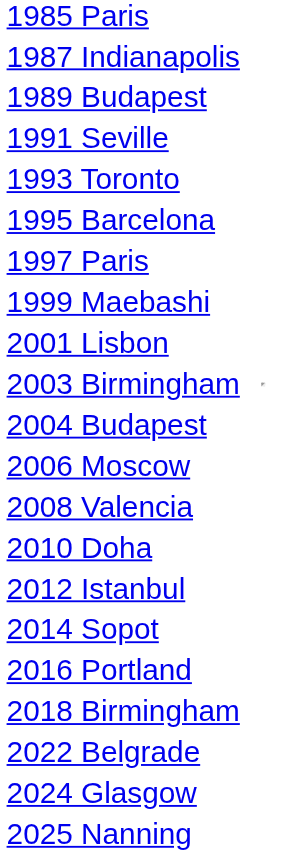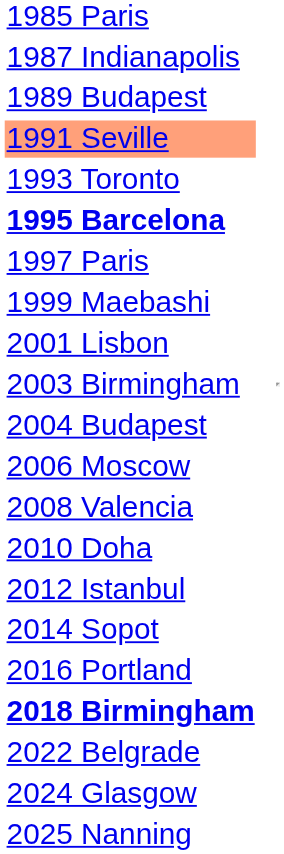 <table>
 <tr>
 <td><a href='#'>1985 Paris</a></td>
 <td></td>
 <td></td>
 <td></td>
 </tr>
 <tr>
 <td><a href='#'>1987 Indianapolis</a><br></td>
 <td></td>
 <td></td>
 <td></td>
 </tr>
 <tr>
 <td><a href='#'>1989 Budapest</a><br></td>
 <td></td>
 <td></td>
 <td></td>
 </tr>
 <tr>
-<td><a href='#'>1991 Seville</a><br></td>
+<td style="background: lightsalmon;"><a href='#'>1991 Seville</a><br></td>
 <td></td>
 <td></td>
 <td></td>
 </tr>
 <tr>
 <td><a href='#'>1993 Toronto</a><br></td>
 <td></td>
 <td></td>
 <td></td>
 </tr>
 <tr>
-<td><a href='#'>1995 Barcelona</a><br></td>
+<td><strong><a href='#'>1995 Barcelona</a><br></strong></td>
 <td></td>
 <td></td>
 <td></td>
 </tr>
 <tr>
 <td><a href='#'>1997 Paris</a><br></td>
 <td></td>
 <td></td>
 <td></td>
 </tr>
 <tr>
 <td><a href='#'>1999 Maebashi</a><br></td>
 <td></td>
 <td></td>
 <td></td>
 </tr>
 <tr>
 <td><a href='#'>2001 Lisbon</a><br></td>
 <td></td>
 <td></td>
 <td></td>
 </tr>
 <tr>
 <td><a href='#'>2003 Birmingham</a><br></td>
 <td></td>
 <td></td>
 <td><hr></td>
 </tr>
 <tr>
 <td><a href='#'>2004 Budapest</a><br></td>
 <td></td>
 <td></td>
 <td></td>
 </tr>
 <tr>
 <td><a href='#'>2006 Moscow</a><br></td>
 <td></td>
 <td></td>
 <td></td>
 </tr>
 <tr>
 <td><a href='#'>2008 Valencia</a><br></td>
 <td></td>
 <td></td>
 <td></td>
 </tr>
 <tr>
 <td><a href='#'>2010 Doha</a><br></td>
 <td></td>
 <td></td>
 <td></td>
 </tr>
 <tr>
 <td><a href='#'>2012 Istanbul</a><br></td>
 <td></td>
 <td></td>
 <td></td>
 </tr>
 <tr>
 <td><a href='#'>2014 Sopot</a><br></td>
 <td></td>
 <td></td>
 <td></td>
 </tr>
 <tr>
 <td><a href='#'>2016 Portland</a><br></td>
 <td></td>
 <td></td>
 <td></td>
 </tr>
 <tr>
-<td><a href='#'>2018 Birmingham</a><br></td>
+<td><strong><a href='#'>2018 Birmingham</a><br></strong></td>
 <td></td>
 <td></td>
 <td></td>
 </tr>
 <tr>
 <td><a href='#'>2022 Belgrade</a><br></td>
 <td></td>
 <td></td>
 <td></td>
 </tr>
 <tr>
 <td><a href='#'>2024 Glasgow</a><br></td>
 <td></td>
 <td></td>
 <td></td>
 </tr>
 <tr>
 <td><a href='#'>2025 Nanning</a><br></td>
 <td></td>
 <td></td>
 <td></td>
 </tr>
 </table>
